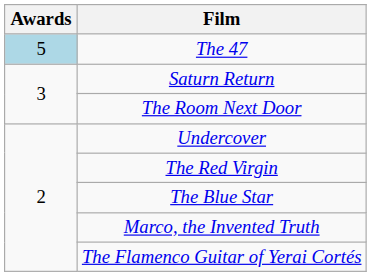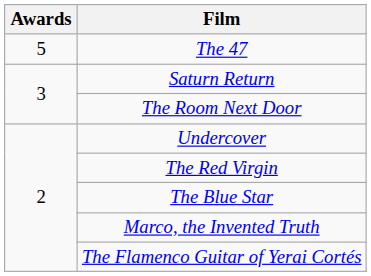 <table class="wikitable plainrowheaders" style="text-align:center;">
 <tr>
 <th scope="col" style="width:55px;">Awards</th>
 <th scope="col" style="text-align:center;">Film</th>
 </tr>
 <tr>
-<td scope=row style="background: lightblue; text-align:center">5</td>
+<td scope=row style="text-align:center">5</td>
 <td><em><a href='#'>The 47</a></em></td>
 </tr>
 <tr>
 <td rowspan = "2" scope=row style="text-align:center">3</td>
 <td><em><a href='#'>Saturn Return</a></em></td>
 </tr>
 <tr>
 <td><em><a href='#'>The Room Next Door</a></em></td>
 </tr>
 <tr>
 <td rowspan = "5" scope=row style="text-align:center">2</td>
 <td><em><a href='#'>Undercover</a></em></td>
 </tr>
 <tr>
 <td><em><a href='#'>The Red Virgin</a></em></td>
 </tr>
 <tr>
 <td><em><a href='#'>The Blue Star</a></em></td>
 </tr>
 <tr>
 <td><em><a href='#'>Marco, the Invented Truth</a></em></td>
 </tr>
 <tr>
 <td><em><a href='#'>The Flamenco Guitar of Yerai Cortés</a></em></td>
 </tr>
 </table>
